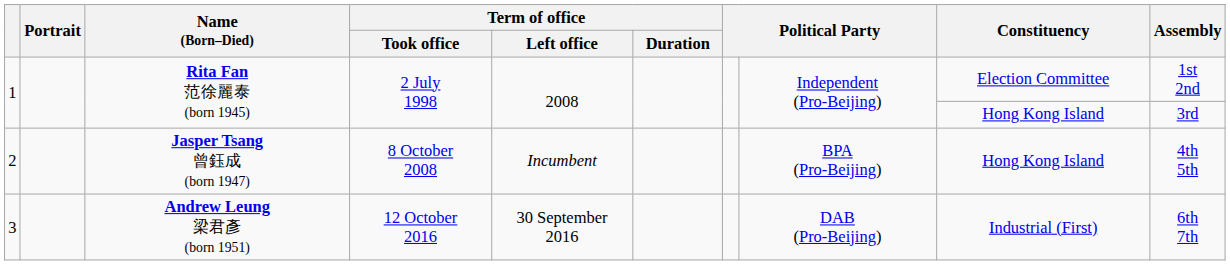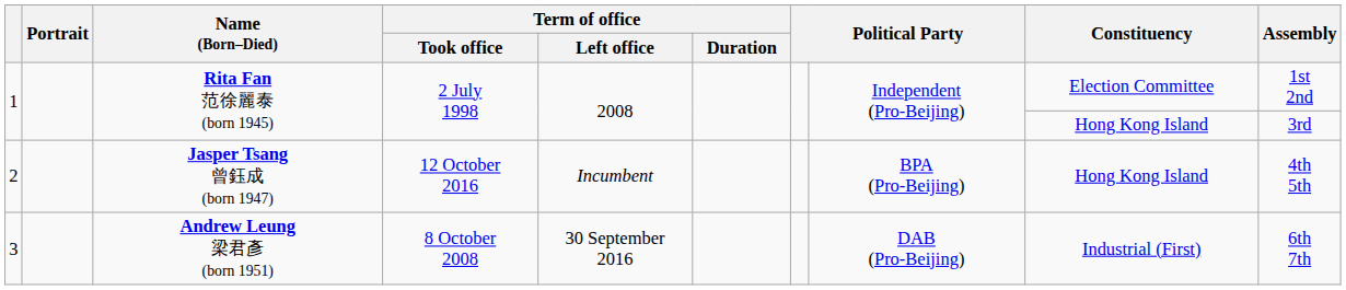 <table class="wikitable"  style="text-align:center">
 <tr>
 <th rowspan=2></th>
 <th rowspan=2>Portrait</th>
 <th style="width:250px;" rowspan=2>Name<br><small>(Born–Died)</small></th>
 <th colspan=3>Term of office</th>
 <th style="width:200px;" rowspan="2" colspan="2">Political Party</th>
 <th style="width:200px;" rowspan="2">Constituency</th>
 <th rowspan="2">Assembly</th>
 </tr>
 <tr>
 <th style="width:130px;">Took office</th>
 <th style="width:130px;">Left office</th>
 <th style="width:80px;">Duration</th>
 </tr>
 <tr>
 <td rowspan=2>1</td>
 <td rowspan=2></td>
 <td rowspan=2><strong><a href='#'>Rita Fan</a></strong><br>范徐麗泰<br><small>(born 1945)</small></td>
 <td rowspan=2><a href='#'>2 July<br>1998</a></td>
 <td rowspan=2><br>2008</td>
 <td rowspan=2></td>
 <td rowspan=2 style="background:"></td>
 <td rowspan=2><a href='#'>Independent</a><br>(<a href='#'>Pro-Beijing</a>)</td>
 <td><a href='#'>Election Committee</a></td>
 <td><a href='#'>1st</a><br><a href='#'>2nd</a></td>
 </tr>
 <tr>
 <td><a href='#'>Hong Kong Island</a></td>
 <td><a href='#'>3rd</a></td>
 </tr>
 <tr>
 <td>2</td>
 <td></td>
 <td><strong><a href='#'>Jasper Tsang</a></strong><br>曾鈺成<br><small>(born 1947)</small></td>
-<td><a href='#'>8 October<br>2008</a></td>
+<td><a href='#'>12 October<br>2016</a></td>
 <td><em>Incumbent</em></td>
 <td></td>
 <td style="background:"></td>
 <td><a href='#'>BPA</a><br>(<a href='#'>Pro-Beijing</a>)</td>
 <td><a href='#'>Hong Kong Island</a></td>
 <td><a href='#'>4th</a><br><a href='#'>5th</a></td>
 </tr>
 <tr>
 <td>3</td>
 <td></td>
 <td><strong><a href='#'>Andrew Leung</a></strong><br>梁君彥<br><small>(born 1951)</small></td>
-<td><a href='#'>12 October<br>2016</a></td>
+<td><a href='#'>8 October<br>2008</a></td>
 <td>30 September<br>2016</td>
 <td></td>
 <td rowspan="2" style="background:"></td>
 <td><a href='#'>DAB</a><br>(<a href='#'>Pro-Beijing</a>)</td>
 <td><a href='#'>Industrial (First)</a></td>
 <td><a href='#'>6th</a><br><a href='#'>7th</a></td>
 </tr>
 </table>
